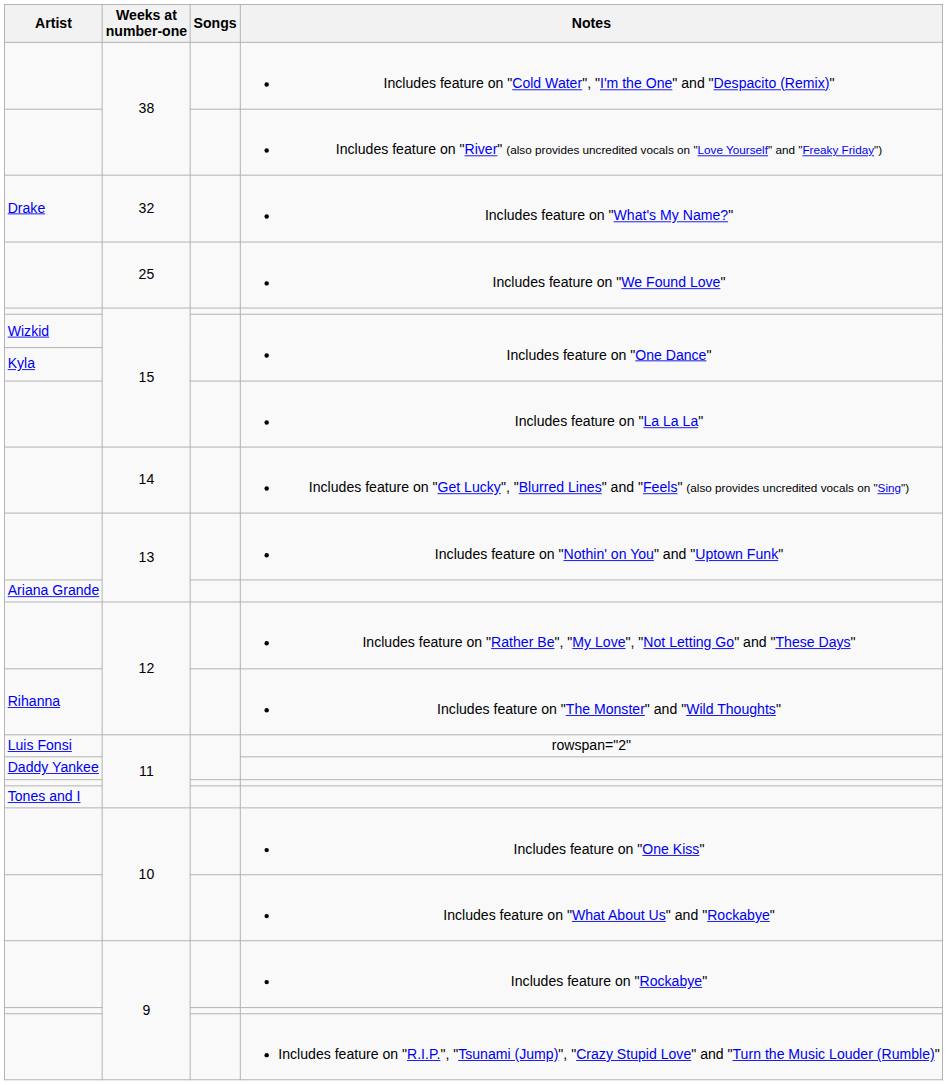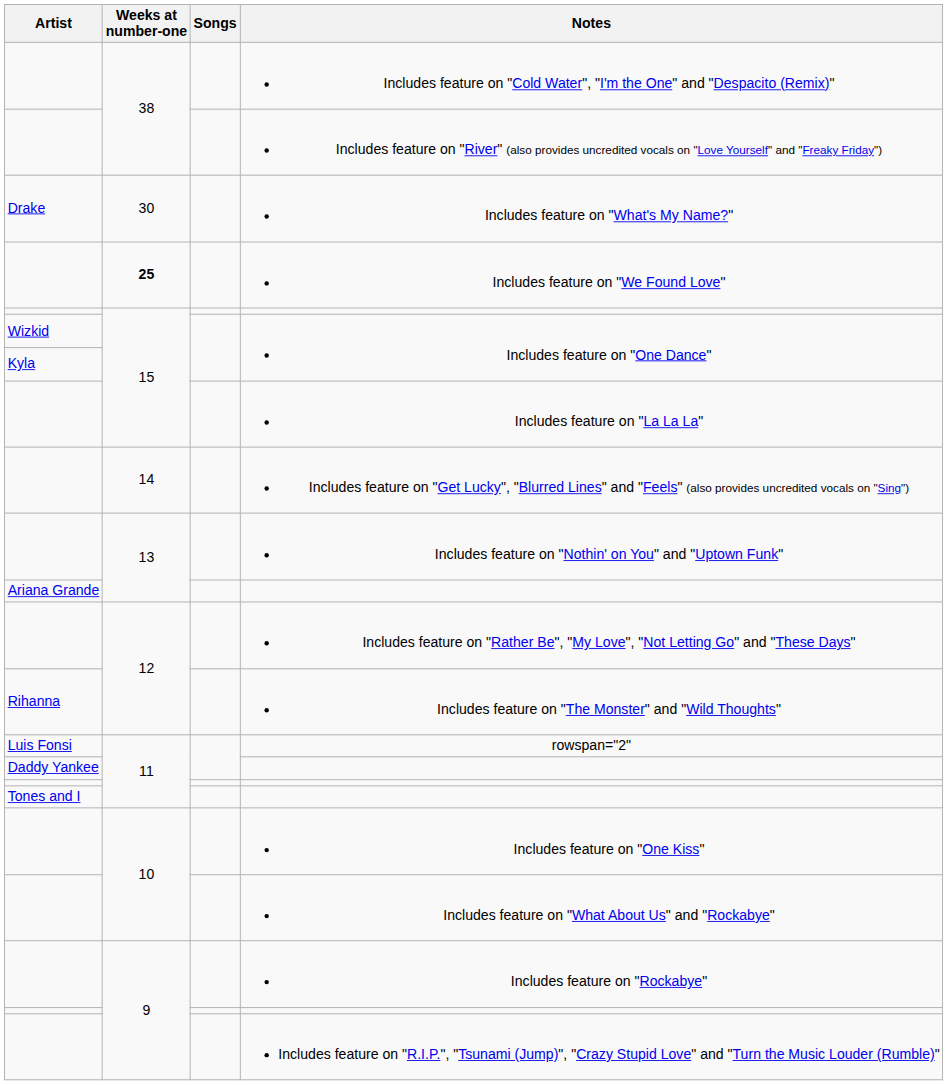 <table class="wikitable sortable" style="text-align:center;">
 <tr>
 <th scope=col>Artist</th>
 <th scope=col>Weeks at<br>number-one</th>
 <th scope=col>Songs</th>
 <th scope=col>Notes</th>
 </tr>
 <tr>
 <td align=left></td>
 <td rowspan=2>38</td>
 <td></td>
 <td><br><ul><li>Includes feature on "<a href='#'>Cold Water</a>", "<a href='#'>I'm the One</a>" and "<a href='#'>Despacito (Remix)</a>"</li></ul></td>
 </tr>
 <tr>
 <td align=left></td>
 <td></td>
 <td><br><ul><li>Includes feature on "<a href='#'>River</a>" <small>(also provides uncredited vocals on "<a href='#'>Love Yourself</a>" and "<a href='#'>Freaky Friday</a>")</small></li></ul></td>
 </tr>
 <tr>
 <td align=left><a href='#'>Drake</a></td>
-<td>32</td>
+<td>30</td>
 <td></td>
 <td><br><ul><li>Includes feature on "<a href='#'>What's My Name?</a>"</li></ul></td>
 </tr>
 <tr>
 <td align=left></td>
-<td>25</td>
+<td><strong>25</strong></td>
 <td></td>
 <td><br><ul><li>Includes feature on "<a href='#'>We Found Love</a>"</li></ul></td>
 </tr>
 <tr>
 <td align=left></td>
 <td rowspan="4">15</td>
 <td></td>
 <td></td>
 </tr>
 <tr>
 <td align=left><a href='#'>Wizkid</a></td>
 <td rowspan="2"><br></td>
 <td rowspan="2"><br><ul><li>Includes feature on "<a href='#'>One Dance</a>"</li></ul></td>
 </tr>
 <tr>
 <td align=left><a href='#'>Kyla</a></td>
 </tr>
 <tr>
 <td align=left></td>
 <td></td>
 <td><br><ul><li>Includes feature on "<a href='#'>La La La</a>"</li></ul></td>
 </tr>
 <tr>
 <td align=left></td>
 <td>14</td>
 <td></td>
 <td><br><ul><li>Includes feature on "<a href='#'>Get Lucky</a>", "<a href='#'>Blurred Lines</a>" and "<a href='#'>Feels</a>" <small>(also provides uncredited vocals on "<a href='#'>Sing</a>")</small></li></ul></td>
 </tr>
 <tr>
 <td align=left></td>
 <td rowspan="2">13</td>
 <td></td>
 <td><br><ul><li>Includes feature on "<a href='#'>Nothin' on You</a>" and "<a href='#'>Uptown Funk</a>"</li></ul></td>
 </tr>
 <tr>
 <td align=left><a href='#'>Ariana Grande</a></td>
 <td></td>
 <td></td>
 </tr>
 <tr>
 <td align=left></td>
 <td rowspan="2">12</td>
 <td></td>
 <td><br><ul><li>Includes feature on "<a href='#'>Rather Be</a>", "<a href='#'>My Love</a>", "<a href='#'>Not Letting Go</a>" and "<a href='#'>These Days</a>"</li></ul></td>
 </tr>
 <tr>
 <td align=left><a href='#'>Rihanna</a></td>
 <td></td>
 <td><br><ul><li>Includes feature on "<a href='#'>The Monster</a>" and "<a href='#'>Wild Thoughts</a>"</li></ul></td>
 </tr>
 <tr>
 <td align=left><a href='#'>Luis Fonsi</a></td>
 <td rowspan="4">11</td>
 <td rowspan="2"><br></td>
 <td>rowspan="2" </td>
 </tr>
 <tr>
 <td align=left><a href='#'>Daddy Yankee</a></td>
 </tr>
 <tr>
 <td align=left></td>
 <td></td>
 <td></td>
 </tr>
 <tr>
 <td align=left><a href='#'>Tones and I</a></td>
 <td></td>
 <td></td>
 </tr>
 <tr>
 <td align="left"></td>
 <td rowspan="2">10</td>
 <td></td>
 <td><br><ul><li>Includes feature on "<a href='#'>One Kiss</a>"</li></ul></td>
 </tr>
 <tr>
 <td align=left></td>
 <td></td>
 <td><br><ul><li>Includes feature on "<a href='#'>What About Us</a>" and "<a href='#'>Rockabye</a>"</li></ul></td>
 </tr>
 <tr>
 <td align=left></td>
 <td rowspan="3">9</td>
 <td></td>
 <td><br><ul><li>Includes feature on "<a href='#'>Rockabye</a>"</li></ul></td>
 </tr>
 <tr>
 <td align=left></td>
 <td></td>
 <td></td>
 </tr>
 <tr>
 <td align=left></td>
 <td></td>
 <td><br><ul><li>Includes feature on "<a href='#'>R.I.P.</a>", "<a href='#'>Tsunami (Jump)</a>", "<a href='#'>Crazy Stupid Love</a>" and "<a href='#'>Turn the Music Louder (Rumble)</a>"</li></ul></td>
 </tr>
 </table>
